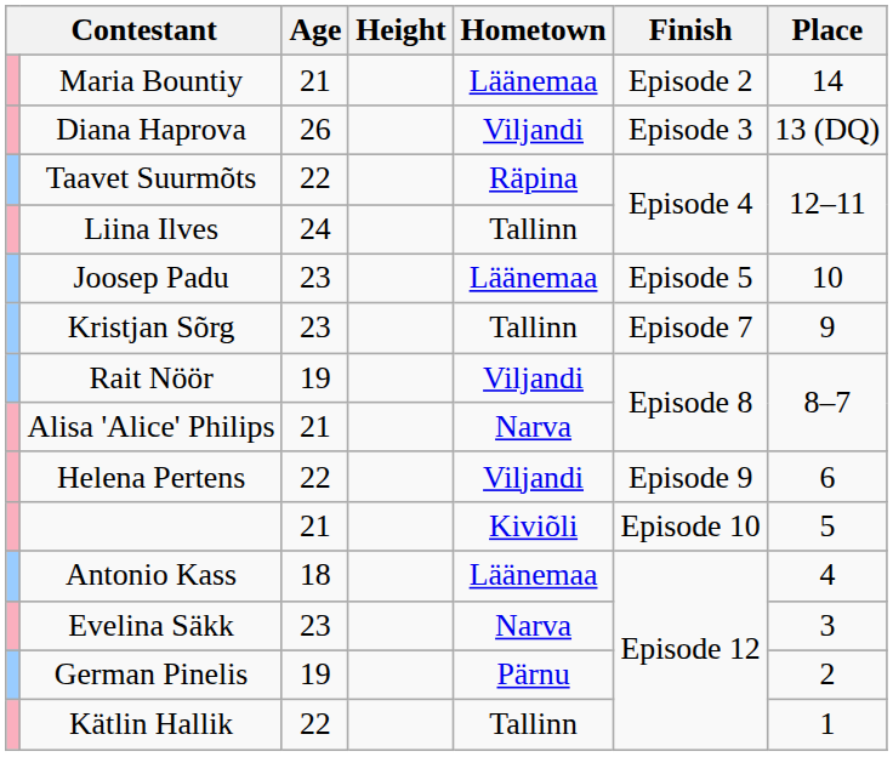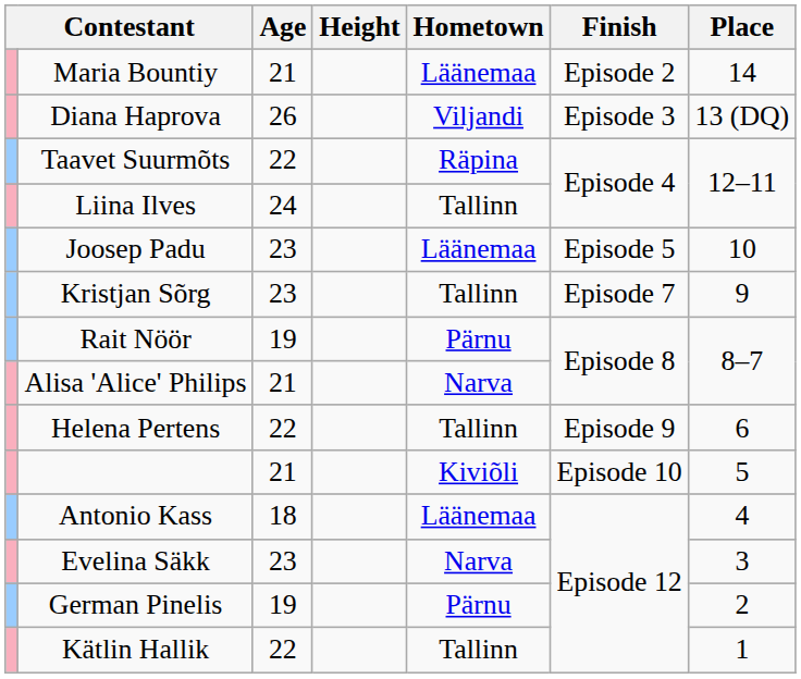 <table class="wikitable sortable" style="text-align:center;">
 <tr>
 <th colspan="2">Contestant</th>
 <th>Age</th>
 <th>Height</th>
 <th>Hometown</th>
 <th>Finish</th>
 <th>Place</th>
 </tr>
 <tr>
 <td style="background:#faafbe"></td>
 <td>Maria Bountiy</td>
 <td>21</td>
 <td></td>
 <td><a href='#'>Läänemaa</a></td>
 <td>Episode 2</td>
 <td>14</td>
 </tr>
 <tr>
 <td style="background:#faafbe"></td>
 <td>Diana Haprova</td>
 <td>26</td>
 <td></td>
 <td><a href='#'>Viljandi</a></td>
 <td>Episode 3</td>
 <td>13 (DQ)</td>
 </tr>
 <tr>
 <td style="background:#9cf;"></td>
 <td>Taavet Suurmõts</td>
 <td>22</td>
 <td></td>
 <td><a href='#'>Räpina</a></td>
 <td rowspan="2">Episode 4</td>
 <td rowspan="2">12–11</td>
 </tr>
 <tr>
 <td style="background:#faafbe"></td>
 <td>Liina Ilves</td>
 <td>24</td>
 <td></td>
 <td>Tallinn</td>
 </tr>
 <tr>
 <td style="background:#9cf;"></td>
 <td>Joosep Padu</td>
 <td>23</td>
 <td></td>
 <td><a href='#'>Läänemaa</a></td>
 <td>Episode 5</td>
 <td>10</td>
 </tr>
 <tr>
 <td style="background:#9cf;"></td>
 <td>Kristjan Sõrg</td>
 <td>23</td>
 <td></td>
 <td>Tallinn</td>
 <td>Episode 7</td>
 <td>9</td>
 </tr>
 <tr>
 <td style="background:#9cf;"></td>
 <td>Rait Nöör</td>
 <td>19</td>
 <td></td>
-<td><a href='#'>Viljandi</a></td>
+<td><a href='#'>Pärnu</a></td>
 <td rowspan="2">Episode 8</td>
 <td rowspan="2">8–7</td>
 </tr>
 <tr>
 <td style="background:#faafbe"></td>
 <td>Alisa 'Alice' Philips</td>
 <td>21</td>
 <td></td>
 <td><a href='#'>Narva</a></td>
 </tr>
 <tr>
 <td style="background:#faafbe"></td>
 <td>Helena Pertens</td>
 <td>22</td>
 <td></td>
-<td><a href='#'>Viljandi</a></td>
+<td>Tallinn</td>
 <td>Episode 9</td>
 <td>6</td>
 </tr>
 <tr>
 <td style="background:#faafbe"></td>
 <td></td>
 <td>21</td>
 <td></td>
 <td><a href='#'>Kiviõli</a></td>
 <td>Episode 10</td>
 <td>5</td>
 </tr>
 <tr>
 <td style="background:#9cf;"></td>
 <td>Antonio Kass</td>
 <td>18</td>
 <td></td>
 <td><a href='#'>Läänemaa</a></td>
 <td rowspan="4">Episode 12</td>
 <td>4</td>
 </tr>
 <tr>
 <td style="background:#faafbe"></td>
 <td>Evelina Säkk</td>
 <td>23</td>
 <td></td>
 <td><a href='#'>Narva</a></td>
 <td>3</td>
 </tr>
 <tr>
 <td style="background:#9cf;"></td>
 <td>German Pinelis</td>
 <td>19</td>
 <td></td>
 <td><a href='#'>Pärnu</a></td>
 <td>2</td>
 </tr>
 <tr>
 <td style="background:#faafbe"></td>
 <td>Kätlin Hallik</td>
 <td>22</td>
 <td></td>
 <td>Tallinn</td>
 <td>1</td>
 </tr>
 </table>
